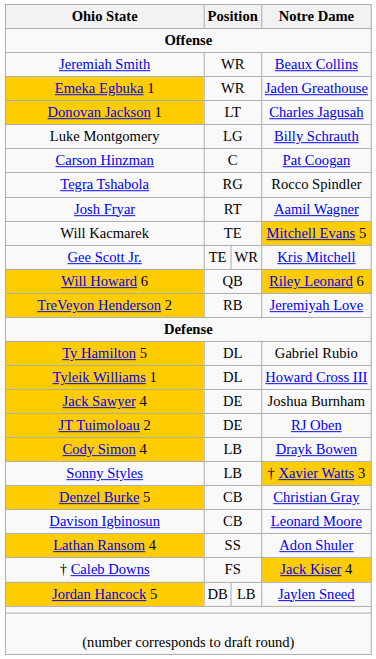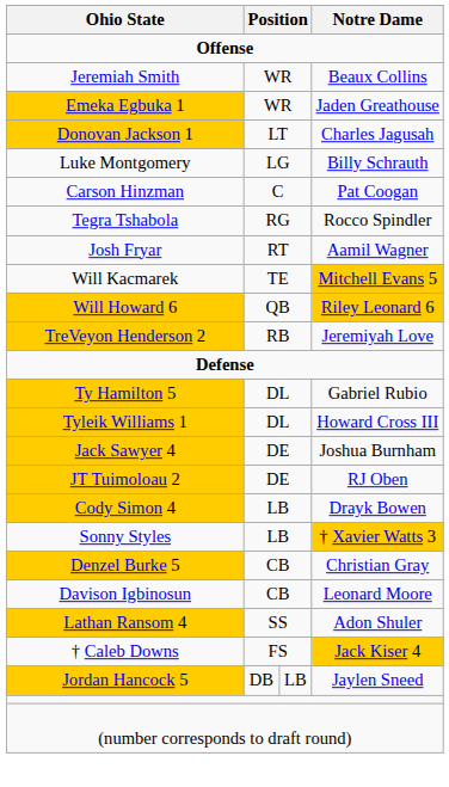 <table class="wikitable" style="margin:1em auto; text-align:center; font-size: 95%;">
 <tr>
 <th style="width:200px;">Ohio State</th>
 <th colspan="2">Position</th>
 <th>Notre Dame</th>
 </tr>
 <tr>
 <td colspan="4"><strong>Offense</strong></td>
 </tr>
 <tr>
 <td><a href='#'>Jeremiah Smith</a></td>
 <td colspan="2">WR</td>
 <td><a href='#'>Beaux Collins</a></td>
 </tr>
 <tr>
 <td Bgcolor=#FFCC00><a href='#'>Emeka Egbuka</a> 1</td>
 <td colspan="2">WR</td>
 <td><a href='#'>Jaden Greathouse</a></td>
 </tr>
 <tr>
 <td Bgcolor=#FFCC00><a href='#'>Donovan Jackson</a> 1</td>
 <td colspan=2>LT</td>
 <td><a href='#'>Charles Jagusah</a></td>
 </tr>
 <tr>
 <td>Luke Montgomery</td>
 <td colspan=2>LG</td>
 <td><a href='#'>Billy Schrauth</a></td>
 </tr>
 <tr>
 <td><a href='#'>Carson Hinzman</a></td>
 <td colspan=2>C</td>
 <td><a href='#'>Pat Coogan</a></td>
 </tr>
 <tr>
 <td><a href='#'>Tegra Tshabola</a></td>
 <td colspan=2>RG</td>
 <td>Rocco Spindler</td>
 </tr>
 <tr>
 <td><a href='#'>Josh Fryar</a></td>
 <td colspan=2>RT</td>
 <td><a href='#'>Aamil Wagner</a></td>
 </tr>
 <tr>
 <td>Will Kacmarek</td>
 <td colspan=2>TE</td>
 <td Bgcolor=#FFCC00><a href='#'>Mitchell Evans</a> 5</td>
-</tr>
-<tr>
-<td><a href='#'>Gee Scott Jr.</a></td>
-<td>TE</td>
-<td>WR</td>
-<td><a href='#'>Kris Mitchell</a></td>
 </tr>
 <tr>
 <td Bgcolor=#FFCC00><a href='#'>Will Howard</a> 6</td>
 <td colspan="2">QB</td>
 <td Bgcolor=#FFCC00><a href='#'>Riley Leonard</a> 6</td>
 </tr>
 <tr>
 <td Bgcolor=#FFCC00><a href='#'>TreVeyon Henderson</a> 2</td>
 <td colspan="2">RB</td>
 <td><a href='#'>Jeremiyah Love</a></td>
 </tr>
 <tr>
 <td colspan="4"><strong>Defense</strong></td>
 </tr>
 <tr>
 <td Bgcolor=#FFCC00><a href='#'>Ty Hamilton</a> 5</td>
 <td colspan=2>DL</td>
 <td>Gabriel Rubio</td>
 </tr>
 <tr>
 <td Bgcolor=#FFCC00><a href='#'>Tyleik Williams</a> 1</td>
 <td colspan=2>DL</td>
 <td><a href='#'>Howard Cross III</a></td>
 </tr>
 <tr>
 <td Bgcolor=#FFCC00><a href='#'>Jack Sawyer</a> 4</td>
 <td colspan=2>DE</td>
 <td>Joshua Burnham</td>
 </tr>
 <tr>
 <td Bgcolor=#FFCC00><a href='#'>JT Tuimoloau</a> 2</td>
 <td colspan=2>DE</td>
 <td><a href='#'>RJ Oben</a></td>
 </tr>
 <tr>
 <td Bgcolor=#FFCC00><a href='#'>Cody Simon</a> 4</td>
 <td colspan=2>LB</td>
 <td><a href='#'>Drayk Bowen</a></td>
 </tr>
 <tr>
 <td><a href='#'>Sonny Styles</a></td>
 <td colspan=2>LB</td>
 <td Bgcolor=#FFCC00>†  <a href='#'>Xavier Watts</a> 3</td>
 </tr>
 <tr>
 <td Bgcolor=#FFCC00><a href='#'>Denzel Burke</a> 5</td>
 <td colspan=2>CB</td>
 <td><a href='#'>Christian Gray</a></td>
 </tr>
 <tr>
 <td><a href='#'>Davison Igbinosun</a></td>
 <td colspan=2>CB</td>
 <td><a href='#'>Leonard Moore</a></td>
 </tr>
 <tr>
 <td Bgcolor=#FFCC00><a href='#'>Lathan Ransom</a> 4</td>
 <td colspan=2>SS</td>
 <td><a href='#'>Adon Shuler</a></td>
 </tr>
 <tr>
 <td>† <a href='#'>Caleb Downs</a></td>
 <td colspan=2>FS</td>
 <td Bgcolor=#FFCC00><a href='#'>Jack Kiser</a> 4</td>
 </tr>
 <tr>
 <td Bgcolor=#FFCC00><a href='#'>Jordan Hancock</a> 5</td>
 <td>DB</td>
 <td>LB</td>
 <td><a href='#'>Jaylen Sneed</a></td>
 </tr>
 <tr>
 <td colspan="4"></td>
 </tr>
 <tr>
 <td colspan=4 align=center><br>(number corresponds to draft round)</td>
 </tr>
 </table>
